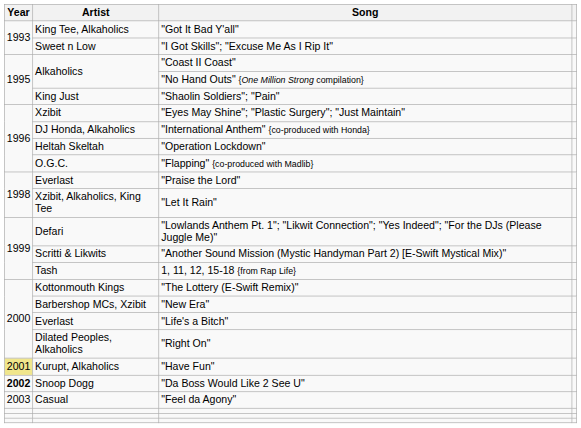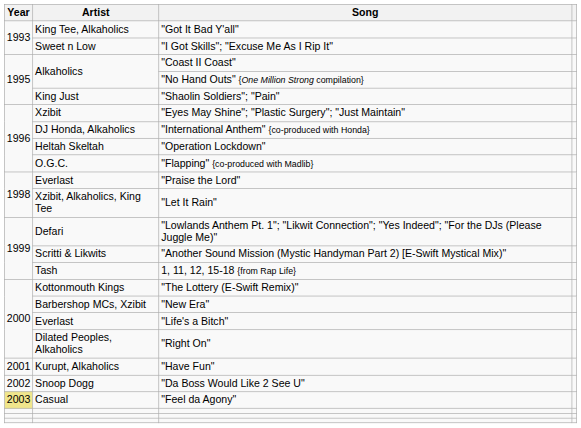 <table class="wikitable">
 <tr>
 <th>Year</th>
 <th>Artist</th>
 <th>Song</th>
 <th></th>
 </tr>
 <tr>
 <td rowspan="2">1993</td>
 <td>King Tee, Alkaholics</td>
 <td>"Got It Bad Y'all"</td>
 <td></td>
 </tr>
 <tr>
 <td>Sweet n Low</td>
 <td>"I Got Skills"; "Excuse Me As I Rip It"</td>
 <td></td>
 </tr>
 <tr>
 <td rowspan="3">1995</td>
 <td rowspan="2">Alkaholics</td>
 <td>"Coast II Coast"</td>
 <td></td>
 </tr>
 <tr>
 <td>"No Hand Outs" <small>{<em>One Million Strong</em> compilation}</small></td>
 <td></td>
 </tr>
 <tr>
 <td>King Just</td>
 <td>"Shaolin Soldiers"; "Pain"</td>
 <td></td>
 </tr>
 <tr>
 <td rowspan="4">1996</td>
 <td>Xzibit</td>
 <td>"Eyes May Shine"; "Plastic Surgery"; "Just Maintain"</td>
 <td></td>
 </tr>
 <tr>
 <td>DJ Honda, Alkaholics</td>
 <td>"International Anthem" <small>{co-produced with Honda}</small></td>
 <td></td>
 </tr>
 <tr>
 <td>Heltah Skeltah</td>
 <td>"Operation Lockdown"</td>
 <td></td>
 </tr>
 <tr>
 <td>O.G.C.</td>
 <td>"Flapping" <small>{co-produced with Madlib}</small></td>
 <td></td>
 </tr>
 <tr>
 <td rowspan="2">1998</td>
 <td>Everlast</td>
 <td>"Praise the Lord"</td>
 <td></td>
 </tr>
 <tr>
 <td>Xzibit, Alkaholics, King Tee</td>
 <td>"Let It Rain"</td>
 <td></td>
 </tr>
 <tr>
 <td rowspan="3">1999</td>
 <td>Defari</td>
 <td>"Lowlands Anthem Pt. 1"; "Likwit Connection"; "Yes Indeed"; "For the DJs (Please Juggle Me)"</td>
 <td></td>
 </tr>
 <tr>
 <td>Scritti & Likwits</td>
 <td>"Another Sound Mission (Mystic Handyman Part 2) [E-Swift Mystical Mix)"</td>
 <td></td>
 </tr>
 <tr>
 <td>Tash</td>
 <td>1, 11, 12, 15-18 <small>{from Rap Life}</small></td>
 <td></td>
 </tr>
 <tr>
 <td rowspan="4">2000</td>
 <td>Kottonmouth Kings</td>
 <td>"The Lottery (E-Swift Remix)"</td>
 <td></td>
 </tr>
 <tr>
 <td>Barbershop MCs, Xzibit</td>
 <td>"New Era"</td>
 <td></td>
 </tr>
 <tr>
 <td>Everlast</td>
 <td>"Life's a Bitch"</td>
 <td></td>
 </tr>
 <tr>
 <td>Dilated Peoples, Alkaholics</td>
 <td>"Right On"</td>
 <td></td>
 </tr>
 <tr>
-<td style="background: khaki;">2001</td>
+<td>2001</td>
 <td>Kurupt, Alkaholics</td>
 <td>"Have Fun"</td>
 <td></td>
 </tr>
 <tr>
-<td><strong>2002</strong></td>
+<td>2002</td>
 <td>Snoop Dogg</td>
 <td>"Da Boss Would Like 2 See U"</td>
 <td></td>
 </tr>
 <tr>
-<td>2003</td>
+<td style="background: khaki;">2003</td>
 <td>Casual</td>
 <td>"Feel da Agony"</td>
 <td></td>
 </tr>
 <tr>
 <td></td>
 <td></td>
 <td></td>
 <td></td>
 </tr>
 <tr>
 <td></td>
 <td></td>
 <td></td>
 <td></td>
 </tr>
 <tr>
 <td></td>
 <td></td>
 <td></td>
 <td></td>
 </tr>
 </table>
